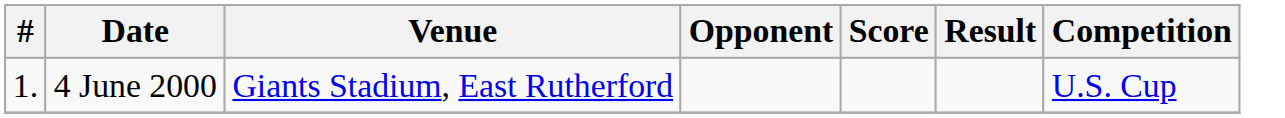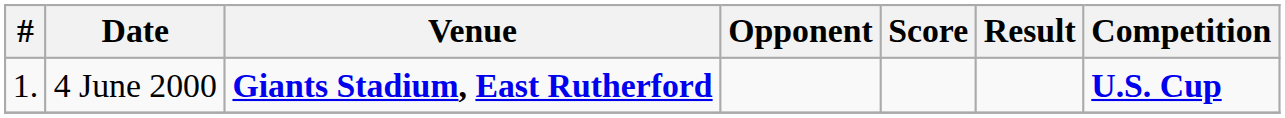 <table class="wikitable collapsible">
 <tr>
 <th>#</th>
 <th>Date</th>
 <th>Venue</th>
 <th>Opponent</th>
 <th>Score</th>
 <th>Result</th>
 <th>Competition</th>
 </tr>
 <tr>
 <td>1.</td>
 <td>4 June 2000</td>
-<td><a href='#'>Giants Stadium</a>, <a href='#'>East Rutherford</a></td>
+<td><strong><a href='#'>Giants Stadium</a>, <a href='#'>East Rutherford</a></strong></td>
 <td></td>
 <td></td>
 <td></td>
-<td><a href='#'>U.S. Cup</a></td>
+<td><strong><a href='#'>U.S. Cup</a></strong></td>
 </tr>
 <tr>
 </tr>
 </table>
